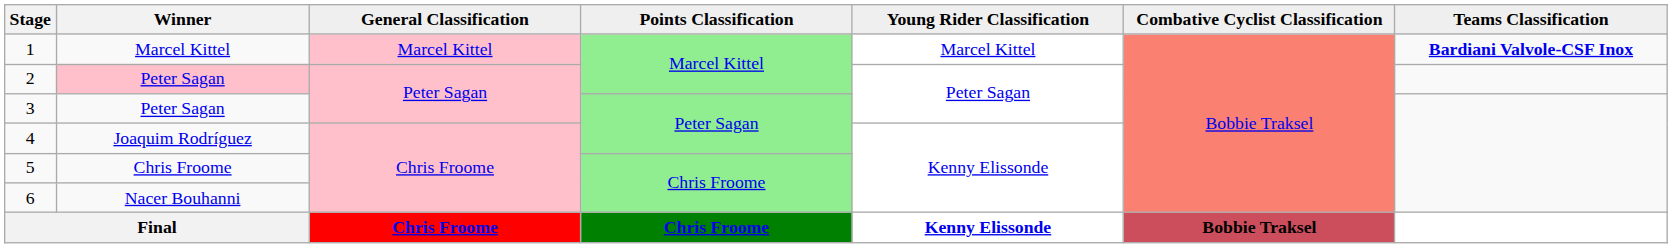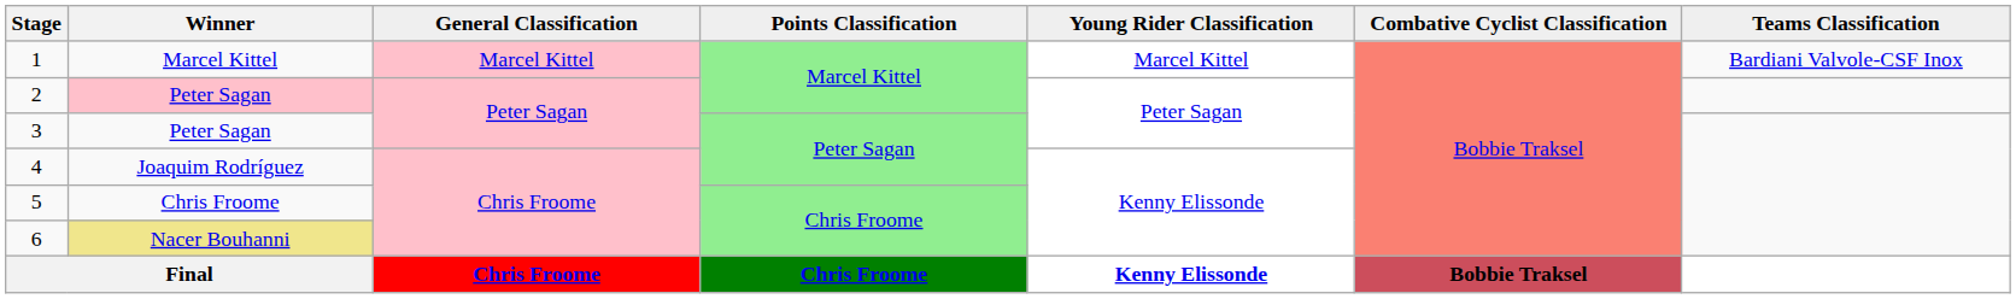 <table class="wikitable" style="text-align: center; font-size:smaller;">
 <tr style="background-color: #efefef;">
 <th width="1%">Stage</th>
 <th width="14%">Winner</th>
 <th style="background:#EFEFEF;" width="15%">General Classification<br></th>
 <th style="background:#EFEFEF;" width="15%">Points Classification<br></th>
 <th style="background:#EFEFEF"  width="15%">Young Rider Classification<br></th>
 <th style="background:#EFEFEF"  width="15%">Combative Cyclist Classification<br></th>
 <th style="background:#EFEFEF;" width="15%">Teams Classification</th>
 </tr>
 <tr>
 <td>1</td>
 <td><a href='#'>Marcel Kittel</a></td>
 <td style="background:pink;"><a href='#'>Marcel Kittel</a></td>
 <td style="background:lightgreen;" rowspan=2><a href='#'>Marcel Kittel</a></td>
 <td style="background:white;"><a href='#'>Marcel Kittel</a></td>
 <td style="background:salmon;" rowspan=6><a href='#'>Bobbie Traksel</a></td>
-<td style="background:offwhite;"><strong><a href='#'>Bardiani Valvole-CSF Inox</a></strong></td>
+<td style="background:offwhite;"><a href='#'>Bardiani Valvole-CSF Inox</a></td>
 </tr>
 <tr>
 <td>2</td>
 <td style="background: pink;"><a href='#'>Peter Sagan</a></td>
 <td style="background:pink;" rowspan=2><a href='#'>Peter Sagan</a></td>
 <td style="background:white;" rowspan=2><a href='#'>Peter Sagan</a></td>
 <td style="background:offwhite;"></td>
 </tr>
 <tr>
 <td>3</td>
 <td><a href='#'>Peter Sagan</a></td>
 <td style="background:lightgreen;" rowspan=2><a href='#'>Peter Sagan</a></td>
 <td style="background:offwhite;" rowspan=4></td>
 </tr>
 <tr>
 <td>4</td>
 <td><a href='#'>Joaquim Rodríguez</a></td>
 <td style="background:pink;" rowspan=3><a href='#'>Chris Froome</a></td>
 <td style="background:white;" rowspan=3><a href='#'>Kenny Elissonde</a></td>
 </tr>
 <tr>
 <td>5</td>
 <td><a href='#'>Chris Froome</a></td>
 <td style="background:lightgreen;" rowspan=2><a href='#'>Chris Froome</a></td>
 </tr>
 <tr>
 <td>6</td>
-<td><a href='#'>Nacer Bouhanni</a></td>
+<td style="background: khaki;"><a href='#'>Nacer Bouhanni</a></td>
 </tr>
 <tr>
 <th colspan=2><strong>Final</strong></th>
 <th style="background:red;"><a href='#'>Chris Froome</a></th>
 <th style="background:green;"><a href='#'>Chris Froome</a></th>
 <th style="background:white;"><a href='#'>Kenny Elissonde</a></th>
 <th style="background:#CC4E5C;">Bobbie Traksel</th>
 <th style="background:white;"></th>
 </tr>
 </table>
